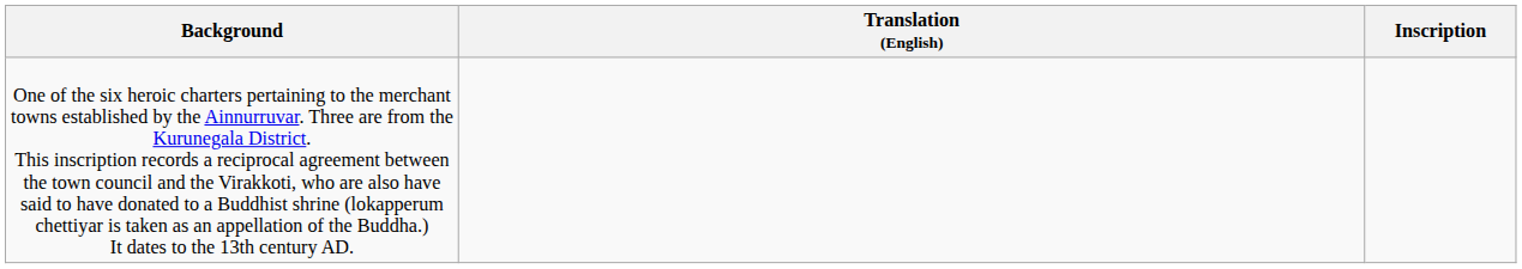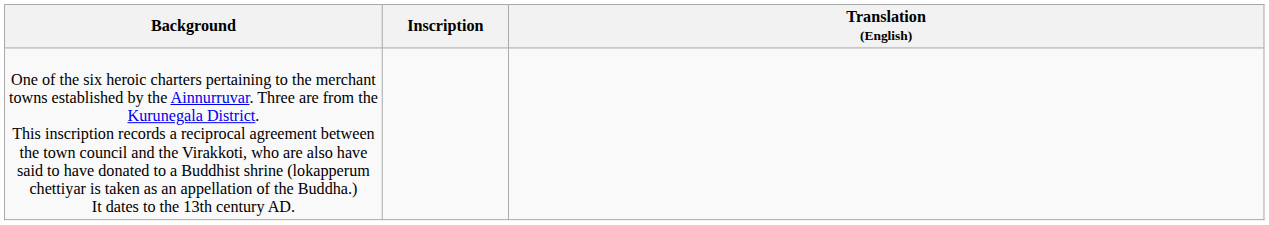 <table class="wikitable centre">
 <tr>
 <th scope="col" align=left>Background<br></th>
+<th>Inscription<br></th>
 <th>Translation<br><small>(English)</small></th>
-<th>Inscription<br></th>
 </tr>
 <tr>
 <td align=center width="30%"><br>One of the six heroic charters pertaining to the merchant towns established by the <a href='#'>Ainnurruvar</a>. Three are from the <a href='#'>Kurunegala District</a>.<br>This inscription records a reciprocal agreement between the town council and the Virakkoti, who are also have said to have donated to a Buddhist shrine (lokapperum chettiyar is taken as an appellation of the Buddha.)<br>It dates to the 13th century AD.</td>
+<td align=center width="10%"><br></td>
 <td align=left></td>
-<td align=center width="10%"><br></td>
 </tr>
 </table>
